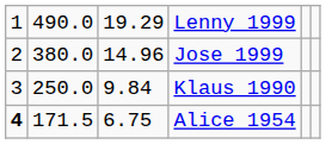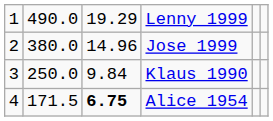 <table class="wikitable">
 <tr>
 <td>1</td>
 <td>490.0</td>
 <td>19.29</td>
 <td><a href='#'>Lenny 1999</a></td>
 <td></td>
 <td></td>
 </tr>
 <tr>
 <td>2</td>
 <td>380.0</td>
 <td>14.96</td>
 <td><a href='#'>Jose 1999</a></td>
 <td></td>
 <td></td>
 </tr>
 <tr>
 <td>3</td>
 <td>250.0</td>
 <td>9.84</td>
 <td><a href='#'>Klaus 1990</a></td>
 <td></td>
 <td></td>
 </tr>
 <tr>
-<td><strong>4</strong></td>
+<td>4</td>
 <td>171.5</td>
-<td>6.75</td>
+<td><strong>6.75</strong></td>
 <td><a href='#'>Alice 1954</a></td>
 <td></td>
 <td></td>
 </tr>
 </table>
